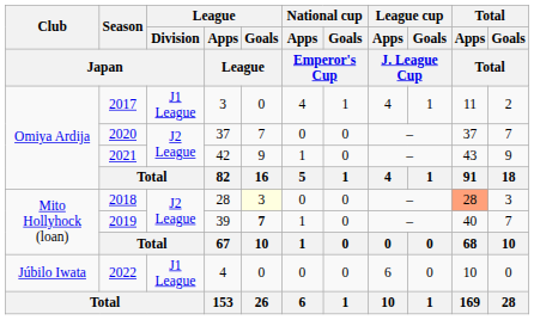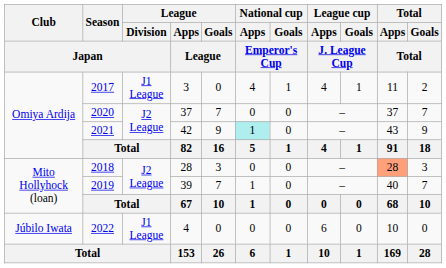 <table class="wikitable" style="text-align:center;">
 <tr>
 <th rowspan=2>Club</th>
 <th rowspan=2>Season</th>
 <th colspan=3>League</th>
 <th colspan=2>National cup</th>
 <th colspan=2>League cup</th>
 <th colspan=2>Total</th>
 </tr>
 <tr>
 <th>Division</th>
 <th>Apps</th>
 <th>Goals</th>
 <th>Apps</th>
 <th>Goals</th>
 <th>Apps</th>
 <th>Goals</th>
 <th>Apps</th>
 <th>Goals</th>
 </tr>
 <tr>
 <th colspan=3>Japan</th>
 <th colspan=2>League</th>
 <th colspan=2><a href='#'>Emperor's Cup</a></th>
 <th colspan=2><a href='#'>J. League Cup</a></th>
 <th colspan=2>Total</th>
 </tr>
 <tr>
 <td rowspan="4"><a href='#'>Omiya Ardija</a></td>
 <td><a href='#'>2017</a></td>
 <td><a href='#'>J1 League</a></td>
 <td>3</td>
 <td>0</td>
 <td>4</td>
 <td>1</td>
 <td>4</td>
 <td>1</td>
 <td>11</td>
 <td>2</td>
 </tr>
 <tr>
 <td><a href='#'>2020</a></td>
 <td rowspan="2"><a href='#'>J2 League</a></td>
 <td>37</td>
 <td>7</td>
 <td>0</td>
 <td>0</td>
 <td colspan="2">–</td>
 <td>37</td>
 <td>7</td>
 </tr>
 <tr>
 <td><a href='#'>2021</a></td>
 <td>42</td>
 <td>9</td>
-<td>1</td>
+<td style="background: paleturquoise;">1</td>
 <td>0</td>
 <td colspan="2">–</td>
 <td>43</td>
 <td>9</td>
 </tr>
 <tr>
 <th colspan="2">Total</th>
 <th>82</th>
 <th>16</th>
 <th>5</th>
 <th>1</th>
 <th>4</th>
 <th>1</th>
 <th>91</th>
 <th>18</th>
 </tr>
 <tr>
 <td rowspan="3"><a href='#'>Mito Hollyhock</a> (loan)</td>
 <td><a href='#'>2018</a></td>
 <td rowspan="2"><a href='#'>J2 League</a></td>
 <td>28</td>
-<td style="background: lightyellow;">3</td>
+<td>3</td>
 <td>0</td>
 <td>0</td>
 <td colspan="2">–</td>
 <td style="background: lightsalmon;">28</td>
 <td>3</td>
 </tr>
 <tr>
 <td><a href='#'>2019</a></td>
 <td>39</td>
-<td><strong>7</strong></td>
+<td>7</td>
 <td>1</td>
 <td>0</td>
 <td colspan="2">–</td>
 <td>40</td>
 <td>7</td>
 </tr>
 <tr>
 <th colspan="2">Total</th>
 <th>67</th>
 <th>10</th>
 <th>1</th>
 <th>0</th>
 <th>0</th>
 <th>0</th>
 <th>68</th>
 <th>10</th>
 </tr>
 <tr>
 <td><a href='#'>Júbilo Iwata</a></td>
 <td><a href='#'>2022</a></td>
 <td><a href='#'>J1 League</a></td>
 <td>4</td>
 <td>0</td>
 <td>0</td>
 <td>0</td>
 <td>6</td>
 <td>0</td>
 <td>10</td>
 <td>0</td>
 </tr>
 <tr>
 <th colspan=3>Total</th>
 <th>153</th>
 <th>26</th>
 <th>6</th>
 <th>1</th>
 <th>10</th>
 <th>1</th>
 <th>169</th>
 <th>28</th>
 </tr>
 </table>
